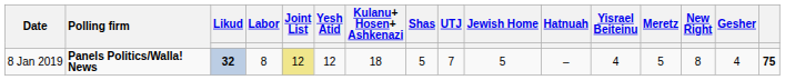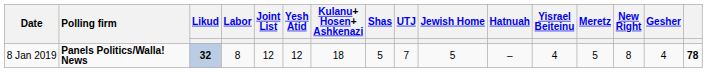 <table class="wikitable" style="text-align:center; font-size:90%; line-height:14px;">
 <tr>
 <th rowspan="2">Date</th>
 <th style="width:180px;text-align:left;" rowspan="2">Polling firm</th>
 <th><a href='#'>Likud</a></th>
 <th><a href='#'>Labor</a></th>
 <th><a href='#'>Joint<br>List</a></th>
 <th><a href='#'>Yesh<br>Atid</a></th>
 <th><a href='#'>Kulanu</a>+<br><a href='#'>Hosen</a>+<br><a href='#'>Ashkenazi</a></th>
 <th><a href='#'>Shas</a></th>
 <th><a href='#'>UTJ</a></th>
 <th><a href='#'>Jewish Home</a></th>
 <th><a href='#'>Hatnuah</a></th>
 <th><a href='#'>Yisrael<br>Beiteinu</a></th>
 <th><a href='#'>Meretz</a></th>
 <th><a href='#'>New<br>Right</a></th>
 <th><a href='#'>Gesher</a></th>
 <th style="width:20px;"></th>
 </tr>
 <tr>
 <th style="color:inherit;background:"></th>
 <th style="color:inherit;background:"></th>
 <th style="color:inherit;background:"></th>
 <th style="color:inherit;background:"></th>
 <th style="color:inherit;background:"></th>
 <th style="color:inherit;background:"></th>
 <th style="color:inherit;background:"></th>
 <th style="color:inherit;background:"></th>
 <th style="color:inherit;background:"></th>
 <th style="color:inherit;background:"></th>
 <th style="color:inherit;background:"></th>
 <th style="color:inherit;background:"></th>
 <th style="color:inherit;background:"></th>
 <th style="color:inherit;background:"></th>
 </tr>
 <tr>
 <td>8 Jan 2019</td>
 <td style="text-align:left;"><strong>Panels Politics/Walla! News</strong></td>
 <td style="background:#BBCDE4"><strong>32</strong>	</td>
 <td>8					</td>
-<td style="background: khaki;">12					</td>
+<td>12					</td>
 <td>12					</td>
 <td>18					</td>
 <td>5					</td>
 <td>7					</td>
 <td>5					</td>
 <td>–					</td>
 <td>4					</td>
 <td>5					</td>
 <td>8					</td>
 <td>4					</td>
-<td style="background:"><strong>75</strong>	</td>
+<td style="background:"><strong>78</strong>	</td>
 </tr>
 </table>
